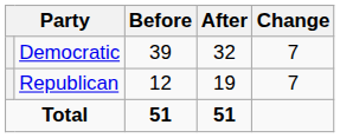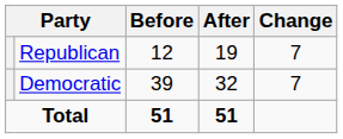 <table class="wikitable" style="text-align:center;">
 <tr>
 <th colspan="2">Party</th>
 <th>Before</th>
 <th>After</th>
 <th>Change</th>
 </tr>
 <tr>
 <th style="background-color:"></th>
-<td style="text-align:left;"><a href='#'>Democratic</a></td>
-<td>39</td>
-<td>32</td>
+<td style="text-align:left;"><a href='#'>Republican</a></td>
+<td>12</td>
+<td>19</td>
 <td> 7</td>
 </tr>
 <tr>
 <th style="background-color:"></th>
-<td style="text-align:left;"><a href='#'>Republican</a></td>
-<td>12</td>
-<td>19</td>
+<td style="text-align:left;"><a href='#'>Democratic</a></td>
+<td>39</td>
+<td>32</td>
 <td> 7</td>
 </tr>
 <tr>
 <td colspan="2"><strong>Total</strong></td>
 <td><strong>51</strong></td>
 <td><strong>51</strong></td>
 <td></td>
 </tr>
 </table>
